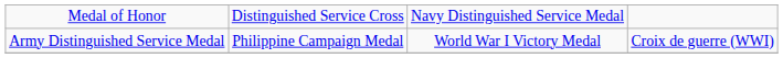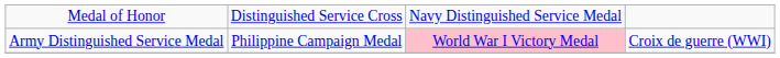 <table class="wikitable" style="margin:1em auto; text-align:center;">
 <tr>
 <td><a href='#'>Medal of Honor</a></td>
 <td><a href='#'>Distinguished Service Cross</a></td>
 <td><a href='#'>Navy Distinguished Service Medal</a></td>
 </tr>
 <tr>
 <td><a href='#'>Army Distinguished Service Medal</a></td>
 <td><a href='#'>Philippine Campaign Medal</a></td>
-<td><a href='#'>World War I Victory Medal</a></td>
+<td style="background: pink;"><a href='#'>World War I Victory Medal</a></td>
 <td><a href='#'>Croix de guerre (WWI)</a></td>
 </tr>
 <tr>
 </tr>
 </table>
